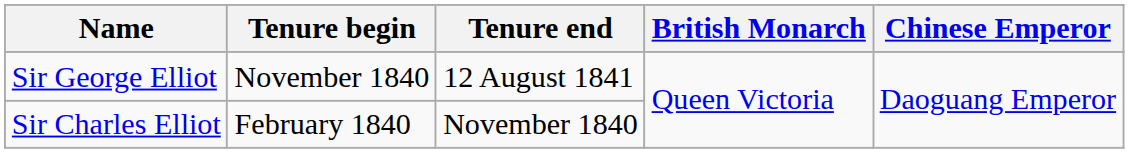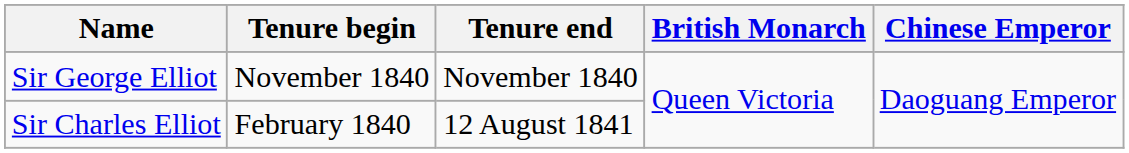 <table class="wikitable">
 <tr>
 <th>Name</th>
 <th>Tenure begin</th>
 <th>Tenure end</th>
 <th><a href='#'>British Monarch</a></th>
 <th><a href='#'>Chinese Emperor</a></th>
 </tr>
 <tr>
 <td><a href='#'>Sir George Elliot</a></td>
 <td>November 1840</td>
-<td>12 August 1841</td>
+<td>November 1840</td>
 <td rowspan="2"><a href='#'>Queen Victoria</a></td>
 <td rowspan="2"><a href='#'>Daoguang Emperor</a></td>
 </tr>
 <tr>
 <td><a href='#'>Sir Charles Elliot</a></td>
 <td>February 1840</td>
-<td>November 1840</td>
+<td>12 August 1841</td>
 </tr>
 </table>
